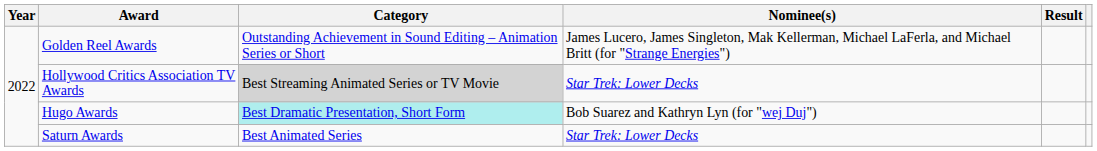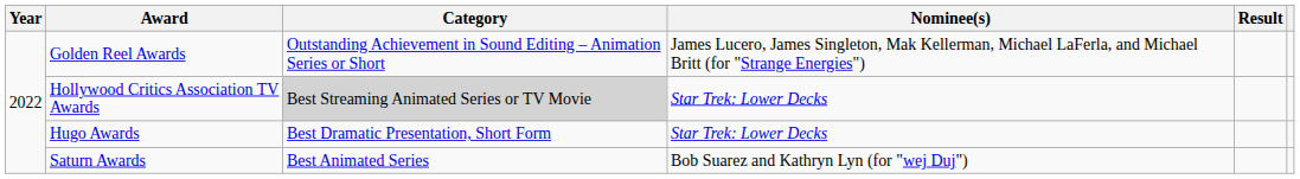 <table class="wikitable sortable" style="width:99%">
 <tr>
 <th scope="col">Year</th>
 <th scope="col">Award</th>
 <th scope="col">Category</th>
 <th scope="col">Nominee(s)</th>
 <th scope="col">Result</th>
 <th scope="col" class="unsortable"></th>
 </tr>
 <tr>
 <td rowspan="4">2022</td>
 <td><a href='#'>Golden Reel Awards</a></td>
 <td><a href='#'>Outstanding Achievement in Sound Editing – Animation Series or Short</a></td>
 <td>James Lucero, James Singleton, Mak Kellerman, Michael LaFerla, and Michael Britt (for "<a href='#'>Strange Energies</a>")</td>
 <td></td>
 <td style="text-align:center"></td>
 </tr>
 <tr>
 <td><a href='#'>Hollywood Critics Association TV Awards</a></td>
 <td style="background: lightgrey;">Best Streaming Animated Series or TV Movie</td>
 <td><em><a href='#'>Star Trek: Lower Decks</a></em></td>
 <td></td>
 <td style="text-align:center"></td>
 </tr>
 <tr>
 <td><a href='#'>Hugo Awards</a></td>
-<td style="background: paleturquoise;"><a href='#'>Best Dramatic Presentation, Short Form</a></td>
-<td>Bob Suarez and Kathryn Lyn (for "<a href='#'>wej Duj</a>")</td>
+<td><a href='#'>Best Dramatic Presentation, Short Form</a></td>
+<td><em><a href='#'>Star Trek: Lower Decks</a></em></td>
 <td></td>
 <td style="text-align:center"></td>
 </tr>
 <tr>
 <td><a href='#'>Saturn Awards</a></td>
 <td><a href='#'>Best Animated Series</a></td>
-<td><em><a href='#'>Star Trek: Lower Decks</a></em></td>
+<td>Bob Suarez and Kathryn Lyn (for "<a href='#'>wej Duj</a>")</td>
 <td></td>
 <td style="text-align:center"></td>
 </tr>
 </table>
